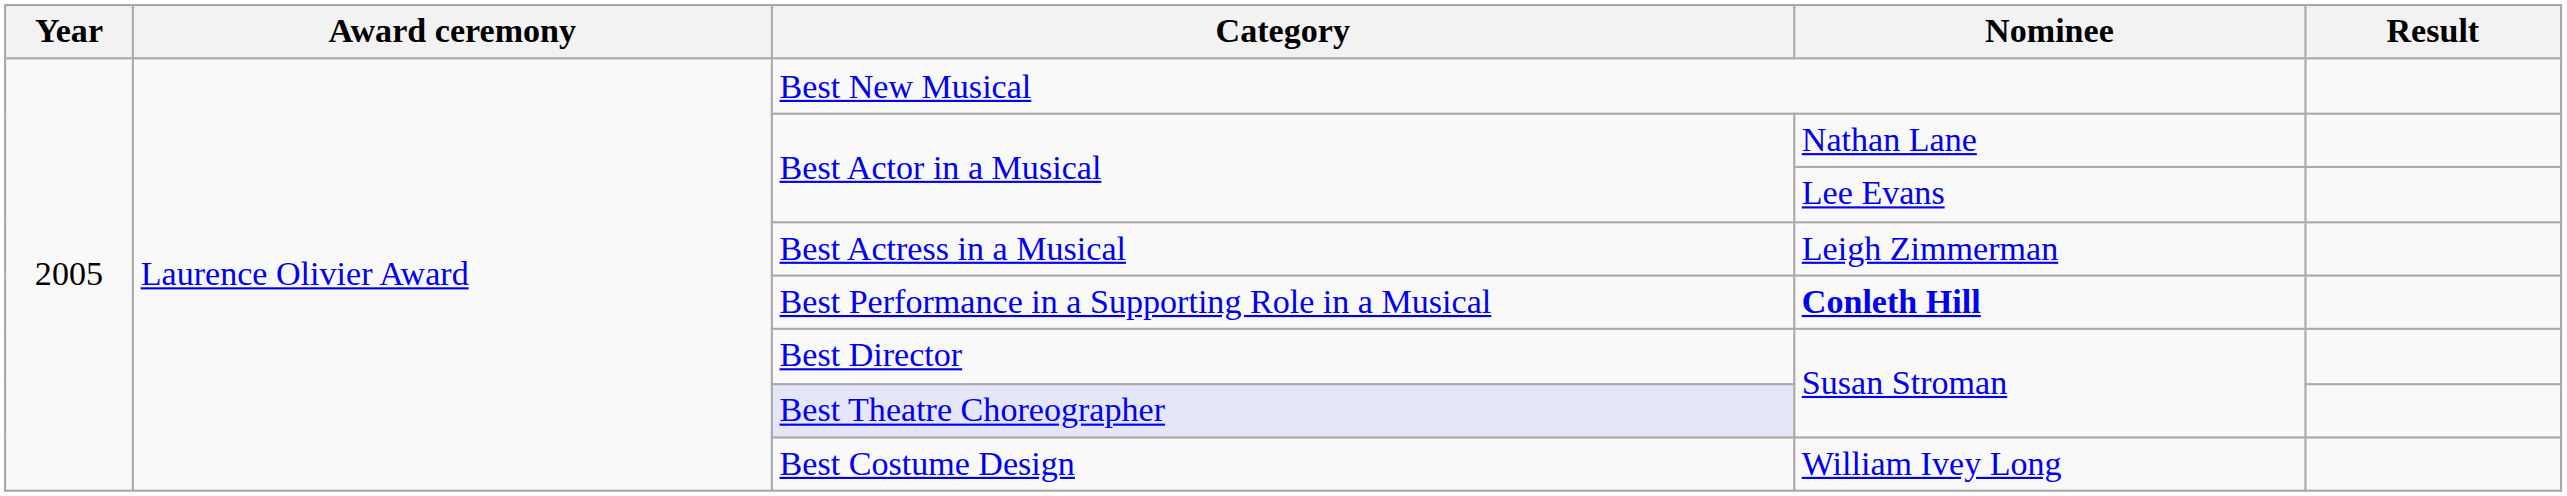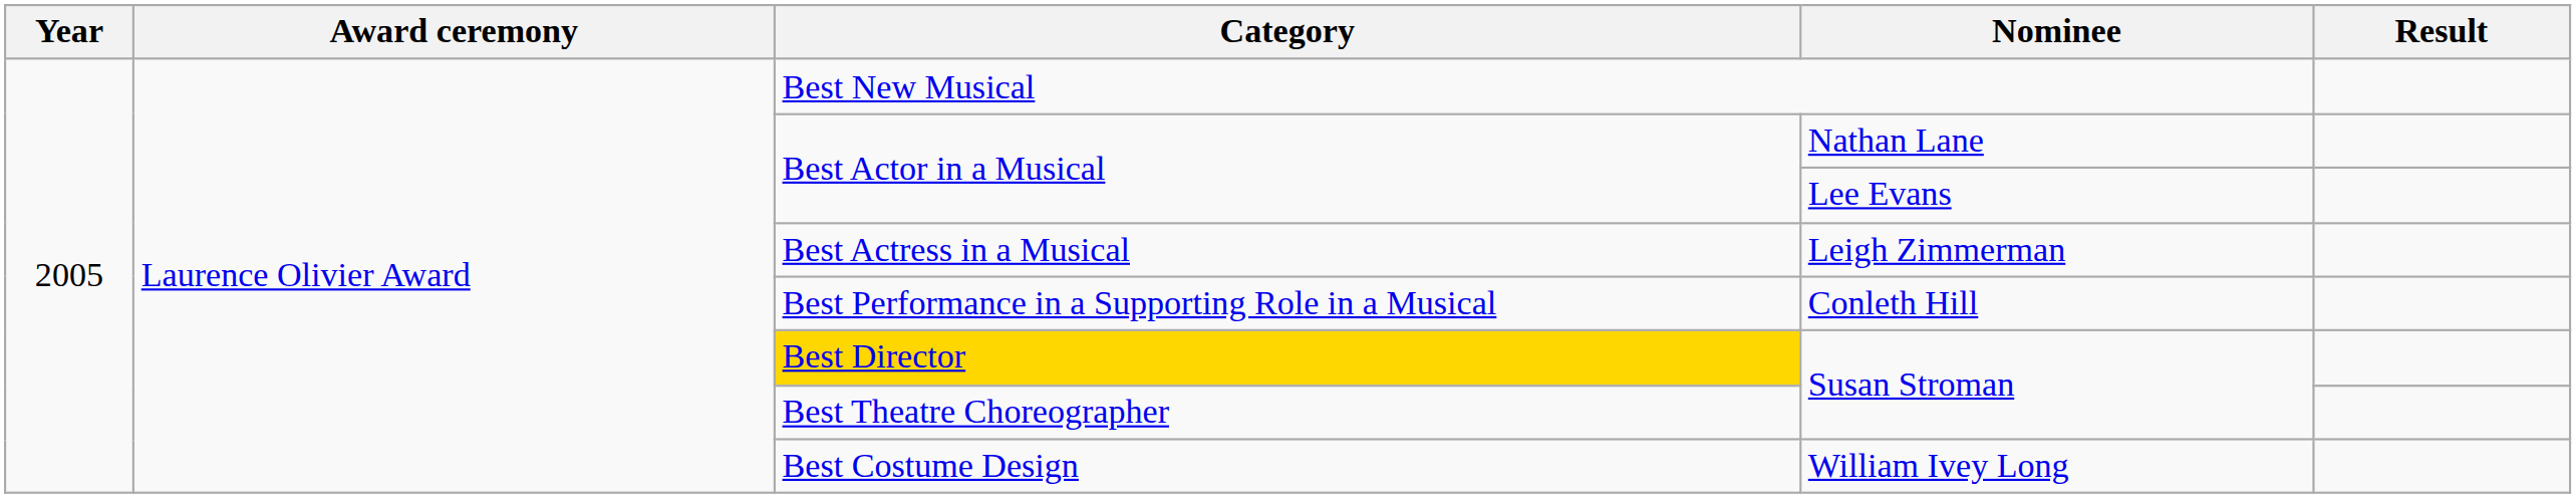 <table class="wikitable" width="95%">
 <tr>
 <th width="5%">Year</th>
 <th width="25%">Award ceremony</th>
 <th width="40%">Category</th>
 <th width="20%">Nominee</th>
 <th width="10%">Result</th>
 </tr>
 <tr>
 <td rowspan="8" align="center">2005</td>
 <td rowspan="8"><a href='#'>Laurence Olivier Award</a></td>
 <td colspan="2"><a href='#'>Best New Musical</a></td>
 <td></td>
 </tr>
 <tr>
 <td rowspan="2"><a href='#'>Best Actor in a Musical</a></td>
 <td><a href='#'>Nathan Lane</a></td>
 <td></td>
 </tr>
 <tr>
 <td><a href='#'>Lee Evans</a></td>
 <td></td>
 </tr>
 <tr>
 <td><a href='#'>Best Actress in a Musical</a></td>
 <td><a href='#'>Leigh Zimmerman</a></td>
 <td></td>
 </tr>
 <tr>
 <td><a href='#'>Best Performance in a Supporting Role in a Musical</a></td>
-<td><strong><a href='#'>Conleth Hill</a></strong></td>
+<td><a href='#'>Conleth Hill</a></td>
 <td></td>
 </tr>
 <tr>
-<td><a href='#'>Best Director</a></td>
+<td style="background: gold;"><a href='#'>Best Director</a></td>
 <td rowspan="2"><a href='#'>Susan Stroman</a></td>
 <td></td>
 </tr>
 <tr>
-<td style="background: lavender;"><a href='#'>Best Theatre Choreographer</a></td>
+<td><a href='#'>Best Theatre Choreographer</a></td>
 <td></td>
 </tr>
 <tr>
 <td><a href='#'>Best Costume Design</a></td>
 <td><a href='#'>William Ivey Long</a></td>
 <td></td>
 </tr>
 </table>
